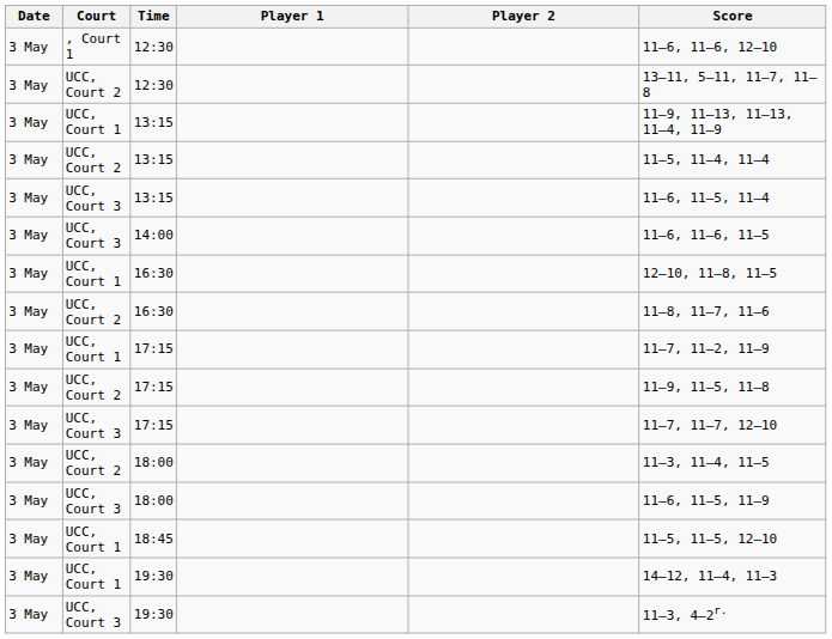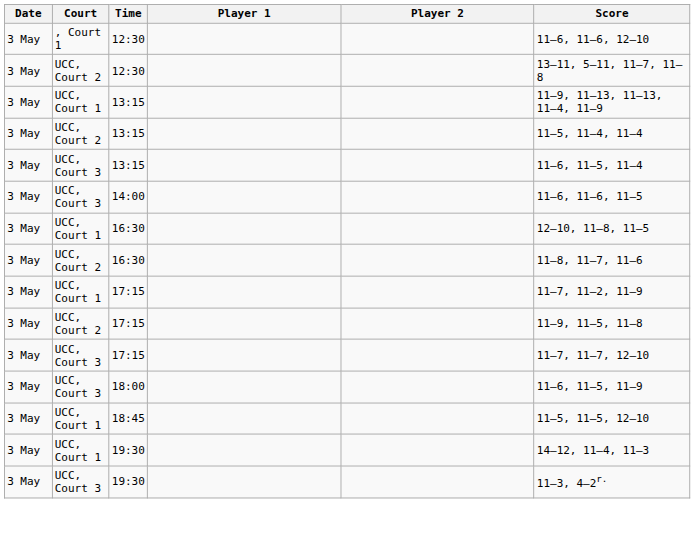 <table class="sortable wikitable" style="font-size:90%">
 <tr>
 <th width="45" class="unsortable">Date</th>
 <th width="55">Court</th>
 <th width="30">Time</th>
 <th width="200">Player 1</th>
 <th width="200">Player 2</th>
 <th width="160" class="unsortable">Score</th>
 </tr>
 <tr>
 <td>3 May</td>
 <td>, Court 1</td>
 <td>12:30</td>
 <td><strong></strong></td>
 <td></td>
 <td>11–6, 11–6, 12–10</td>
 </tr>
 <tr>
 <td>3 May</td>
 <td>UCC, Court 2</td>
 <td>12:30</td>
 <td></td>
 <td><strong></strong></td>
 <td>13–11, 5–11, 11–7, 11–8</td>
 </tr>
 <tr>
 <td>3 May</td>
 <td>UCC, Court 1</td>
 <td>13:15</td>
 <td><strong></strong></td>
 <td></td>
 <td>11–9, 11–13, 11–13, 11–4, 11–9</td>
 </tr>
 <tr>
 <td>3 May</td>
 <td>UCC, Court 2</td>
 <td>13:15</td>
 <td><strong></strong></td>
 <td></td>
 <td>11–5, 11–4, 11–4</td>
 </tr>
 <tr>
 <td>3 May</td>
 <td>UCC, Court 3</td>
 <td>13:15</td>
 <td></td>
 <td><strong></strong></td>
 <td>11–6, 11–5, 11–4</td>
 </tr>
 <tr>
 <td>3 May</td>
 <td>UCC, Court 3</td>
 <td>14:00</td>
 <td></td>
 <td><strong></strong></td>
 <td>11–6, 11–6, 11–5</td>
 </tr>
 <tr>
 <td>3 May</td>
 <td>UCC, Court 1</td>
 <td>16:30</td>
 <td><strong></strong></td>
 <td></td>
 <td>12–10, 11–8, 11–5</td>
 </tr>
 <tr>
 <td>3 May</td>
 <td>UCC, Court 2</td>
 <td>16:30</td>
 <td></td>
 <td><strong></strong></td>
 <td>11–8, 11–7, 11–6</td>
 </tr>
 <tr>
 <td>3 May</td>
 <td>UCC, Court 1</td>
 <td>17:15</td>
 <td><strong></strong></td>
 <td></td>
 <td>11–7, 11–2, 11–9</td>
 </tr>
 <tr>
 <td>3 May</td>
 <td>UCC, Court 2</td>
 <td>17:15</td>
 <td><strong></strong></td>
 <td></td>
 <td>11–9, 11–5, 11–8</td>
 </tr>
 <tr>
 <td>3 May</td>
 <td>UCC, Court 3</td>
 <td>17:15</td>
 <td><strong></strong></td>
 <td></td>
 <td>11–7, 11–7, 12–10</td>
 </tr>
 <tr>
 <td>3 May</td>
-<td>UCC, Court 2</td>
-<td>18:00</td>
-<td></td>
-<td><strong></strong></td>
-<td>11–3, 11–4, 11–5</td>
-</tr>
-<tr>
-<td>3 May</td>
 <td>UCC, Court 3</td>
 <td>18:00</td>
 <td></td>
 <td><strong></strong></td>
 <td>11–6, 11–5, 11–9</td>
 </tr>
 <tr>
 <td>3 May</td>
 <td>UCC, Court 1</td>
 <td>18:45</td>
 <td><strong></strong></td>
 <td></td>
 <td>11–5, 11–5, 12–10</td>
 </tr>
 <tr>
 <td>3 May</td>
 <td>UCC, Court 1</td>
 <td>19:30</td>
 <td></td>
 <td><strong></strong></td>
 <td>14–12, 11–4, 11–3</td>
 </tr>
 <tr>
 <td>3 May</td>
 <td>UCC, Court 3</td>
 <td>19:30</td>
 <td></td>
 <td><strong></strong></td>
 <td>11–3, 4–2<sup>r.</sup></td>
 </tr>
 </table>
